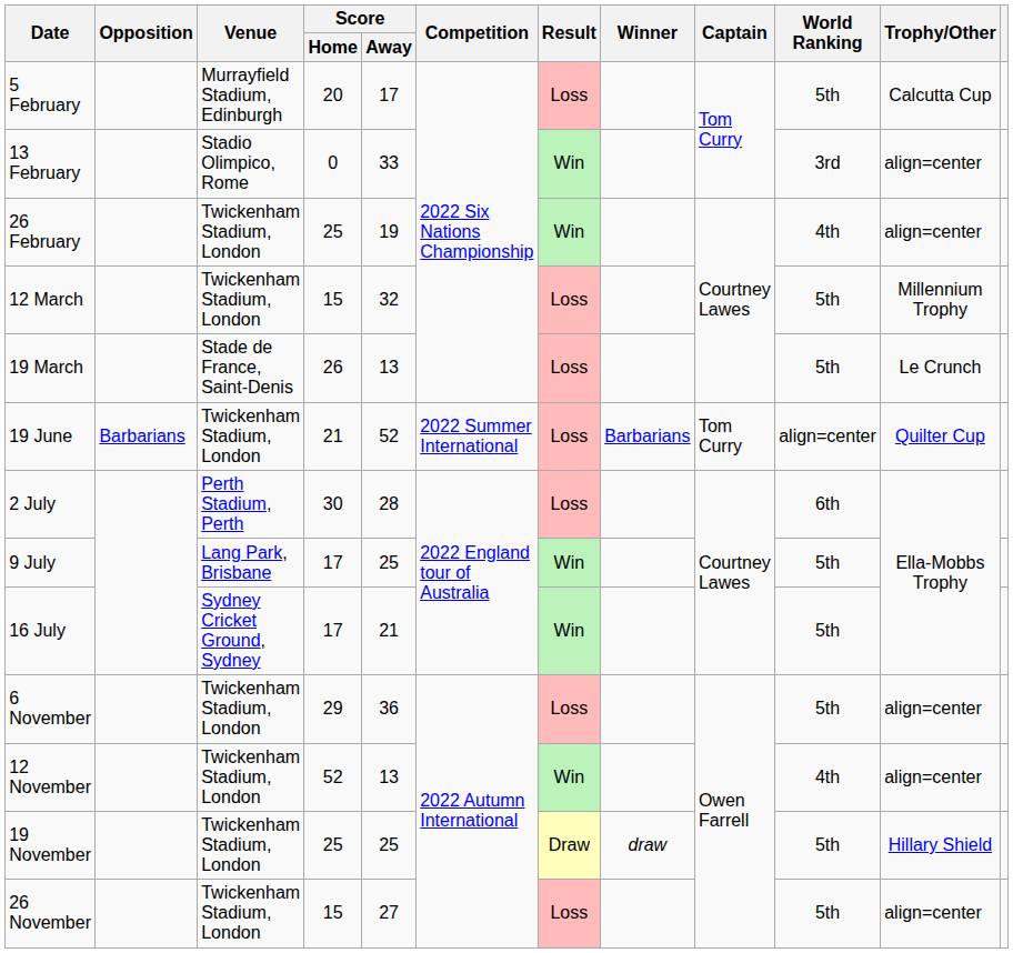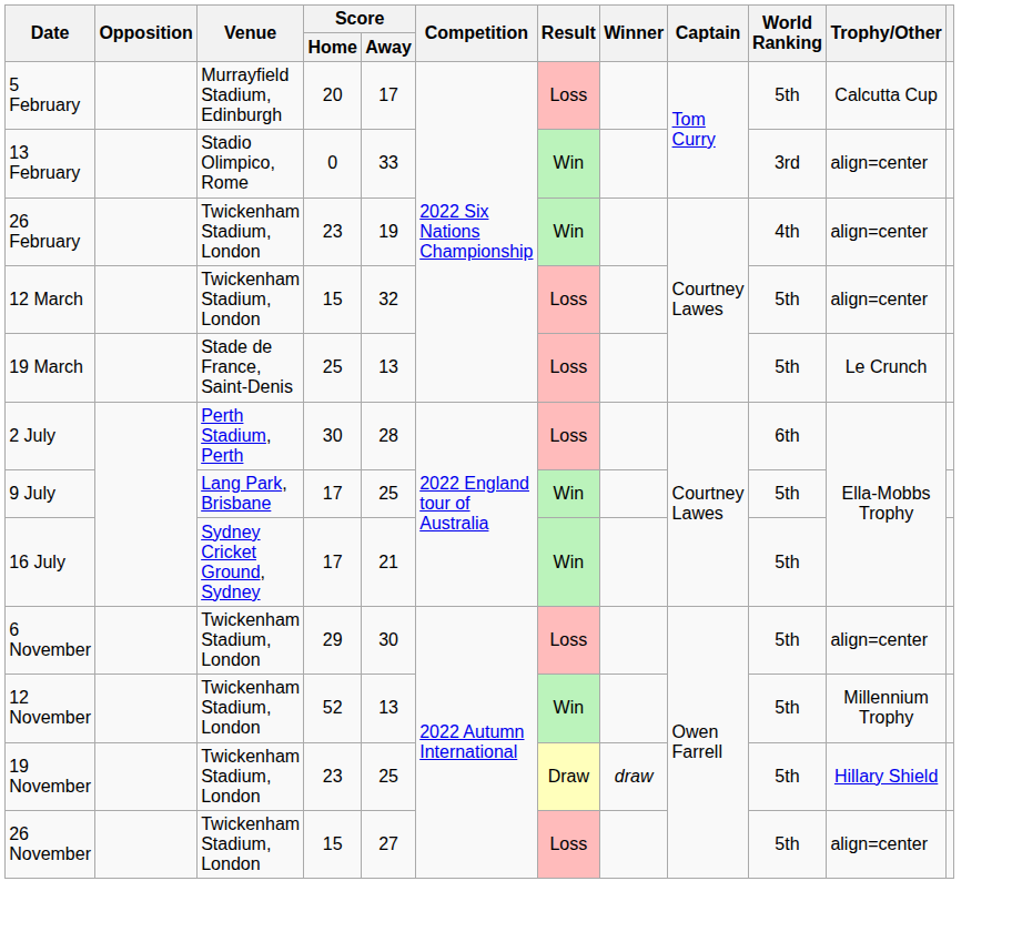 <table class="wikitable">
 <tr>
 <th rowspan=2 width="95">Date</th>
 <th rowspan=2 width="150">Opposition</th>
 <th rowspan=2 width="215">Venue</th>
 <th colspan=2>Score</th>
 <th rowspan=2 width="215">Competition</th>
 <th rowspan=2 width="55">Result</th>
 <th rowspan=2 width="145">Winner</th>
 <th rowspan=2 width="105">Captain</th>
 <th rowspan=2 width="40">World Ranking</th>
 <th rowspan=2 width="205">Trophy/Other </th>
 <th rowspan=2></th>
 </tr>
 <tr>
 <th width="35">Home</th>
 <th width="35">Away</th>
 </tr>
 <tr>
 <td>5 February</td>
 <td></td>
 <td>Murrayfield Stadium, Edinburgh</td>
 <td align=center>20</td>
 <td align=center>17</td>
 <td rowspan=5><a href='#'>2022 Six Nations Championship</a></td>
 <td align=center bgcolor=#FFBBBB>Loss</td>
 <td></td>
 <td rowspan=2><a href='#'>Tom Curry</a></td>
 <td align=center>5th</td>
 <td align=center>Calcutta Cup</td>
 <td align=center></td>
 </tr>
 <tr>
 <td>13 February</td>
 <td></td>
 <td>Stadio Olimpico, Rome</td>
 <td align=center>0</td>
 <td align=center>33</td>
 <td align=center bgcolor=#BBF3BB>Win</td>
 <td></td>
 <td align=center>3rd</td>
 <td>align=center </td>
 <td align=center></td>
 </tr>
 <tr>
 <td>26 February</td>
 <td></td>
 <td>Twickenham Stadium, London</td>
-<td align=center>25</td>
+<td align=center>23</td>
 <td align=center>19</td>
 <td align=center bgcolor=#BBF3BB>Win</td>
 <td></td>
 <td rowspan=3>Courtney Lawes</td>
 <td align=center>4th</td>
 <td>align=center </td>
 <td align=center></td>
 </tr>
 <tr>
 <td>12 March</td>
 <td></td>
 <td>Twickenham Stadium, London</td>
 <td align=center>15</td>
 <td align=center>32</td>
 <td align=center bgcolor=#FFBBBB>Loss</td>
 <td></td>
 <td align=center>5th</td>
-<td align=center>Millennium Trophy</td>
+<td>align=center </td>
 <td align=center></td>
 </tr>
 <tr>
 <td>19 March</td>
 <td></td>
 <td>Stade de France, Saint-Denis</td>
-<td align=center>26</td>
+<td align=center>25</td>
 <td align=center>13</td>
 <td align=center bgcolor=#FFBBBB>Loss</td>
 <td></td>
 <td align=center>5th</td>
 <td align=center>Le Crunch</td>
-<td align=center></td>
-</tr>
-<tr>
-<td>19 June</td>
-<td><a href='#'>Barbarians</a></td>
-<td>Twickenham Stadium, London</td>
-<td align=center>21</td>
-<td align=center>52</td>
-<td><a href='#'>2022 Summer International</a></td>
-<td align=center bgcolor=#FFBBBB>Loss</td>
-<td><a href='#'>Barbarians</a></td>
-<td>Tom Curry</td>
-<td>align=center </td>
-<td align=center><a href='#'>Quilter Cup</a></td>
 <td align=center></td>
 </tr>
 <tr>
 <td>2 July</td>
 <td rowspan=3></td>
 <td><a href='#'>Perth Stadium</a>, <a href='#'>Perth</a></td>
 <td align=center>30</td>
 <td align=center>28</td>
 <td rowspan=3><a href='#'>2022 England tour of Australia</a></td>
 <td align=center bgcolor=#FFBBBB>Loss</td>
 <td></td>
 <td rowspan=3>Courtney Lawes</td>
 <td align=center>6th</td>
 <td align=center rowspan=3>Ella-Mobbs Trophy</td>
 <td align=center></td>
 </tr>
 <tr>
 <td>9 July</td>
 <td><a href='#'>Lang Park</a>, <a href='#'>Brisbane</a></td>
 <td align=center>17</td>
 <td align=center>25</td>
 <td align=center bgcolor=#BBF3BB>Win</td>
 <td></td>
 <td align=center>5th</td>
 <td align=center></td>
 </tr>
 <tr>
 <td>16 July</td>
 <td><a href='#'>Sydney Cricket Ground</a>, <a href='#'>Sydney</a></td>
 <td align=center>17</td>
 <td align=center>21</td>
 <td align=center bgcolor=#BBF3BB>Win</td>
 <td></td>
 <td align=center>5th</td>
 <td align=center></td>
 </tr>
 <tr>
 <td>6 November</td>
 <td></td>
 <td>Twickenham Stadium, London</td>
 <td align=center>29</td>
-<td align=center>36</td>
+<td align=center>30</td>
 <td rowspan=4><a href='#'>2022 Autumn International</a></td>
 <td align=center bgcolor=#FFBBBB>Loss</td>
 <td></td>
 <td rowspan=4>Owen Farrell</td>
 <td align=center>5th</td>
 <td>align=center </td>
 <td align=center></td>
 </tr>
 <tr>
 <td>12 November</td>
 <td></td>
 <td>Twickenham Stadium, London</td>
 <td align=center>52</td>
 <td align=center>13</td>
 <td align=center bgcolor=#BBF3BB>Win</td>
 <td></td>
-<td align=center>4th</td>
-<td>align=center </td>
+<td align=center>5th</td>
+<td align=center>Millennium Trophy</td>
 <td align=center></td>
 </tr>
 <tr>
 <td>19 November</td>
 <td></td>
 <td>Twickenham Stadium, London</td>
-<td align=center>25</td>
+<td align=center>23</td>
 <td align=center>25</td>
 <td align=center bgcolor=#FFFFBB>Draw</td>
 <td align=center><em>draw</em></td>
 <td align=center>5th</td>
 <td align=center><a href='#'>Hillary Shield</a></td>
 <td align=center></td>
 </tr>
 <tr>
 <td>26 November</td>
 <td></td>
 <td>Twickenham Stadium, London</td>
 <td align=center>15</td>
 <td align=center>27</td>
 <td align=center bgcolor=#FFBBBB>Loss</td>
 <td></td>
 <td align=center>5th</td>
 <td>align=center </td>
 <td align=center></td>
 </tr>
 </table>
